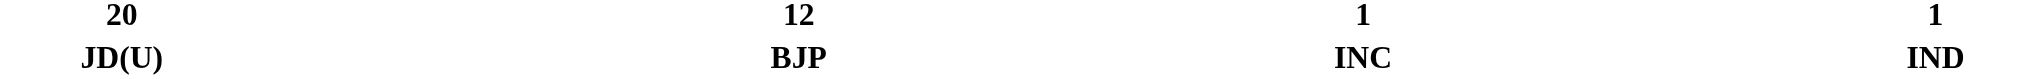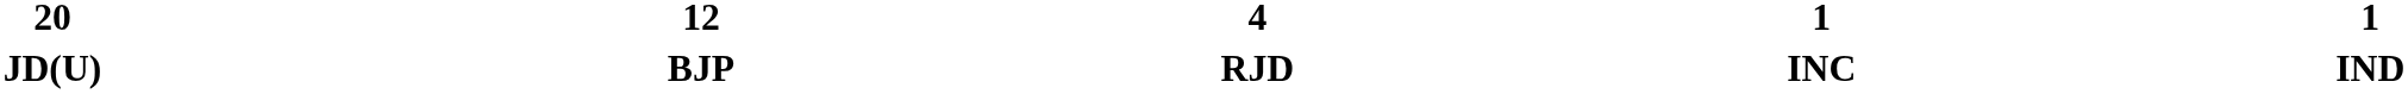 <table style="width:100%; text-align:center;">
 <tr>
 <td style="background:"><strong>20</strong></td>
 <td style="background:"><strong>12</strong></td>
+<td style="background:"><strong>4</strong></td>
 <td style="background:"><strong>1</strong></td>
 <td style="background:"><strong>1</strong></td>
 </tr>
 <tr>
 <td><span><strong>JD(U)</strong></span></td>
 <td><span><strong>BJP</strong></span></td>
+<td><span><strong>RJD</strong></span></td>
 <td><span><strong>INC</strong></span></td>
 <td><span><strong>IND</strong></span></td>
 </tr>
 </table>
